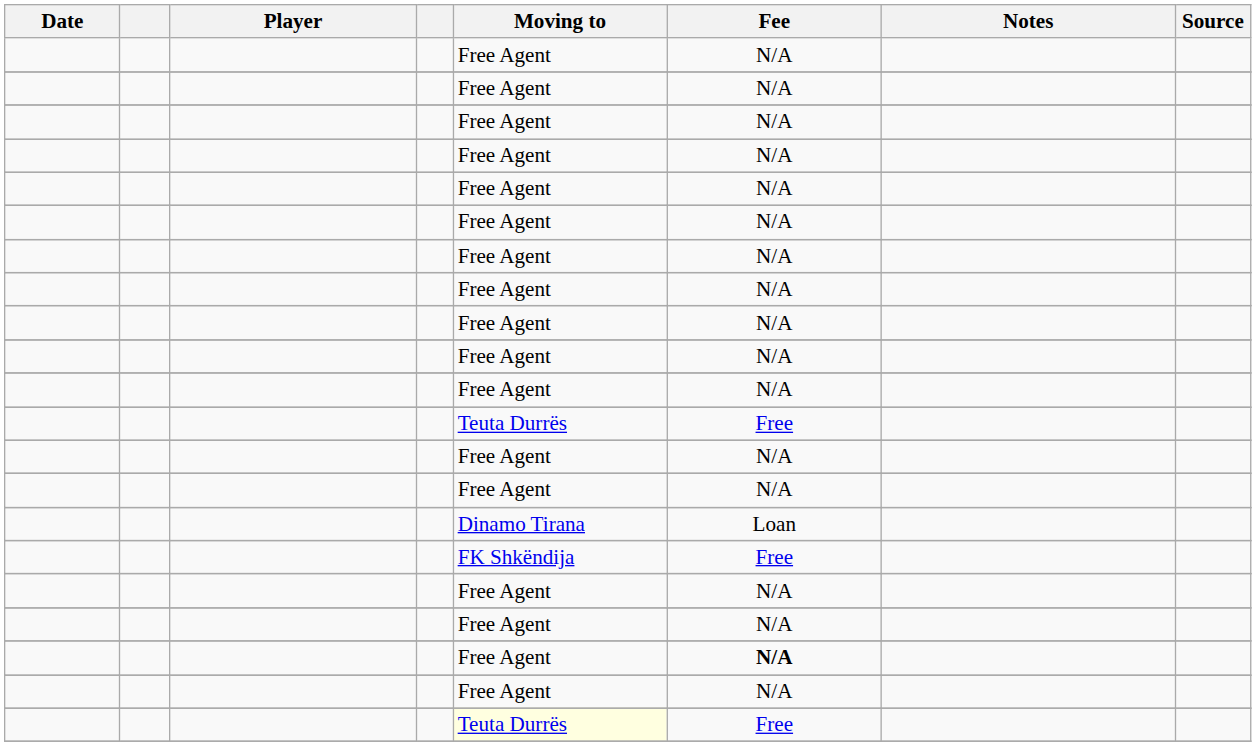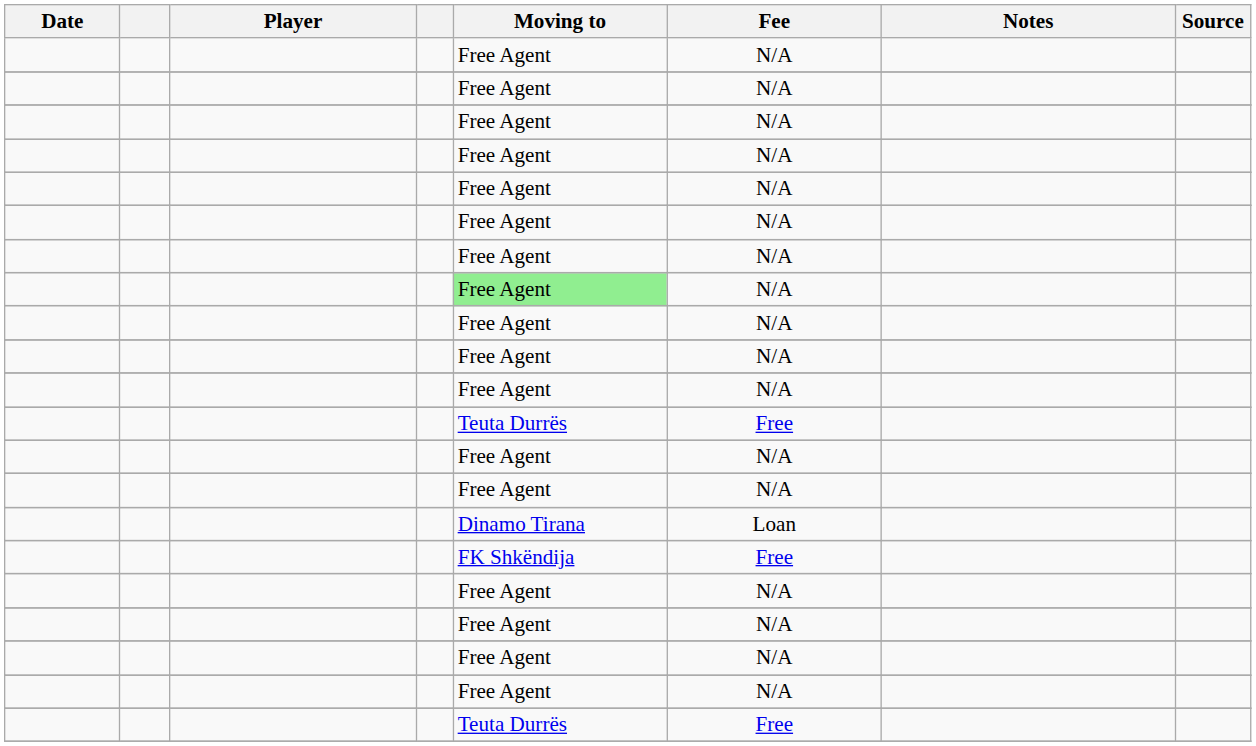 <table class="wikitable sortable">
 <tr>
 <th style="width:80px;">Date</th>
 <th style="width:30px;"></th>
 <th style="width:180px;">Player</th>
 <th style="width:20px;"></th>
 <th style="width:155px;">Moving to</th>
 <th style="width:155px;" class="unsortable">Fee</th>
 <th style="width:215px;" class="unsortable">Notes</th>
 <th style="width:50px;" class="unsortable">Source</th>
 </tr>
 <tr>
 <td></td>
 <td align=center></td>
 <td> </td>
 <td></td>
 <td>Free Agent</td>
 <td align=center>N/A</td>
 <td align=center></td>
 <td align=center></td>
 </tr>
 <tr>
 </tr>
 <tr>
 <td></td>
 <td align=center></td>
 <td> </td>
 <td></td>
 <td>Free Agent</td>
 <td align=center>N/A</td>
 <td align=center></td>
 <td align=center></td>
 </tr>
 <tr>
 </tr>
 <tr>
 <td></td>
 <td align=center></td>
 <td> </td>
 <td></td>
 <td>Free Agent</td>
 <td align=center>N/A</td>
 <td align=center></td>
 <td align=center></td>
 </tr>
 <tr>
 </tr>
 <tr>
 <td></td>
 <td align=center></td>
 <td> </td>
 <td></td>
 <td>Free Agent</td>
 <td align=center>N/A</td>
 <td align=center></td>
 <td align=center></td>
 </tr>
 <tr>
 </tr>
 <tr>
 <td></td>
 <td align=center></td>
 <td> </td>
 <td></td>
 <td>Free Agent</td>
 <td align=center>N/A</td>
 <td align=center></td>
 <td align=center></td>
 </tr>
 <tr>
 </tr>
 <tr>
 <td></td>
 <td align=center></td>
 <td> </td>
 <td></td>
 <td>Free Agent</td>
 <td align=center>N/A</td>
 <td align=center></td>
 <td align=center></td>
 </tr>
 <tr>
 </tr>
 <tr>
 <td></td>
 <td align=center></td>
 <td> </td>
 <td></td>
 <td>Free Agent</td>
 <td align=center>N/A</td>
 <td align=center></td>
 <td align=center></td>
 </tr>
 <tr>
 </tr>
 <tr>
 <td></td>
 <td align=center></td>
 <td> </td>
 <td></td>
-<td>Free Agent</td>
+<td style="background: lightgreen;">Free Agent</td>
 <td align=center>N/A</td>
 <td align=center></td>
 <td align=center></td>
 </tr>
 <tr>
 </tr>
 <tr>
 <td></td>
 <td align=center></td>
 <td> </td>
 <td></td>
 <td>Free Agent</td>
 <td align=center>N/A</td>
 <td align=center></td>
 <td align=center></td>
 </tr>
 <tr>
 </tr>
 <tr>
 <td></td>
 <td align=center></td>
 <td> </td>
 <td></td>
 <td>Free Agent</td>
 <td align=center>N/A</td>
 <td align=center></td>
 <td align=center></td>
 </tr>
 <tr>
 </tr>
 <tr>
 <td></td>
 <td align=center></td>
 <td> </td>
 <td></td>
 <td>Free Agent</td>
 <td align=center>N/A</td>
 <td align=center></td>
 <td align=center></td>
 </tr>
 <tr>
 </tr>
 <tr>
 <td></td>
 <td align=center></td>
 <td> </td>
 <td></td>
 <td> <a href='#'>Teuta Durrës</a></td>
 <td align=center><a href='#'>Free</a></td>
 <td align=center></td>
 <td align=center></td>
 </tr>
 <tr>
 </tr>
 <tr>
 <td></td>
 <td align=center></td>
 <td> </td>
 <td></td>
 <td>Free Agent</td>
 <td align=center>N/A</td>
 <td align=center></td>
 <td align=center></td>
 </tr>
 <tr>
 </tr>
 <tr>
 <td></td>
 <td align=center></td>
 <td> </td>
 <td></td>
 <td>Free Agent</td>
 <td align=center>N/A</td>
 <td align=center></td>
 <td align=center></td>
 </tr>
 <tr>
 </tr>
 <tr>
 <td></td>
 <td align=center></td>
 <td> </td>
 <td></td>
 <td> <a href='#'>Dinamo Tirana</a></td>
 <td align=center>Loan</td>
 <td align=center></td>
 <td align=center></td>
 </tr>
 <tr>
 </tr>
 <tr>
 <td></td>
 <td align=center></td>
 <td> </td>
 <td></td>
 <td> <a href='#'>FK Shkëndija</a></td>
 <td align=center><a href='#'>Free</a></td>
 <td align=center></td>
 <td align=center></td>
 </tr>
 <tr>
 </tr>
 <tr>
 <td></td>
 <td align=center></td>
 <td> </td>
 <td></td>
 <td>Free Agent</td>
 <td align=center>N/A</td>
 <td align=center></td>
 <td align=center></td>
 </tr>
 <tr>
 </tr>
 <tr>
 <td></td>
 <td align=center></td>
 <td> </td>
 <td></td>
 <td>Free Agent</td>
 <td align=center>N/A</td>
 <td align=center></td>
 <td align=center></td>
 </tr>
 <tr>
 </tr>
 <tr>
 <td></td>
 <td align=center></td>
 <td> </td>
 <td></td>
 <td>Free Agent</td>
-<td align=center><strong>N/A</strong></td>
+<td align=center>N/A</td>
 <td align=center></td>
 <td align=center></td>
 </tr>
 <tr>
 </tr>
 <tr>
 <td></td>
 <td align=center></td>
 <td> </td>
 <td></td>
 <td>Free Agent</td>
 <td align=center>N/A</td>
 <td align=center></td>
 <td align=center></td>
 </tr>
 <tr>
 </tr>
 <tr>
 <td></td>
 <td align=center></td>
 <td>  </td>
 <td></td>
-<td style="background: lightyellow;"> <a href='#'>Teuta Durrës</a></td>
+<td> <a href='#'>Teuta Durrës</a></td>
 <td align=center><a href='#'>Free</a></td>
 <td align=center></td>
 <td align=center></td>
 </tr>
 <tr>
 </tr>
 </table>
